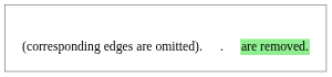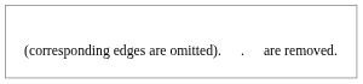 <table cellspacing=20 style="border: thin gray solid;">
 <tr>
 <td></td>
 <td></td>
 <td></td>
 </tr>
 <tr>
 <td> (corresponding edges are omitted).</td>
 <td>.</td>
-<td style="background: lightgreen;"> are removed.</td>
+<td> are removed.</td>
 </tr>
 </table>
